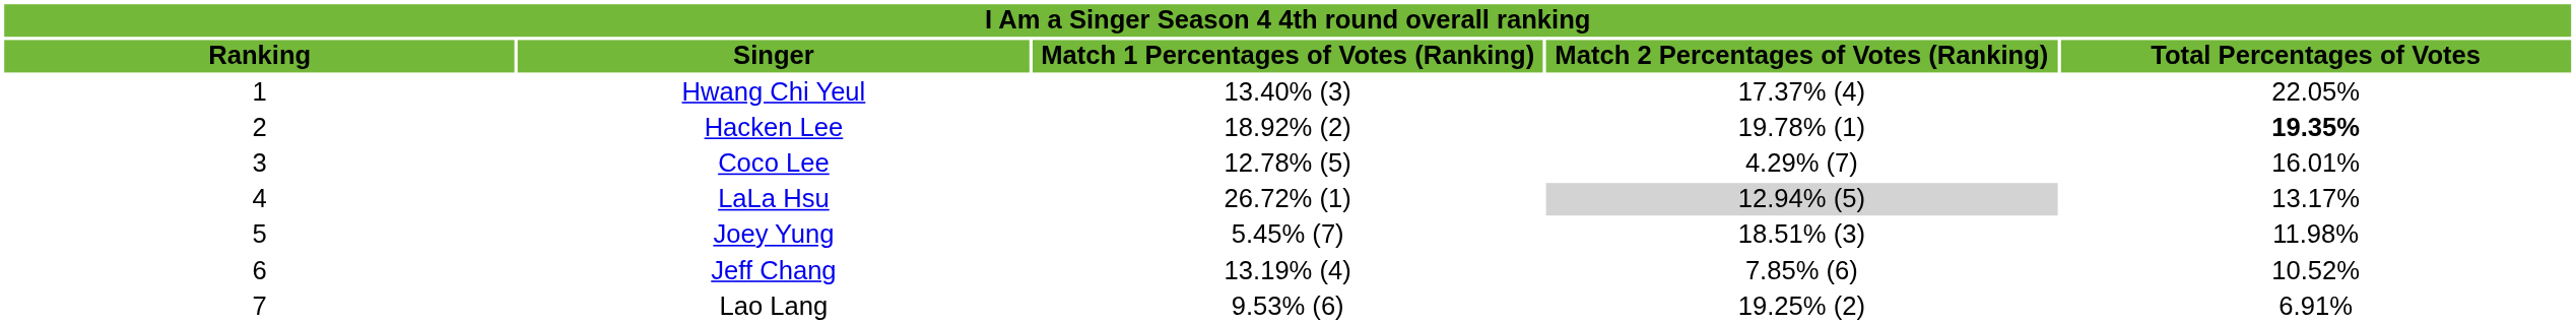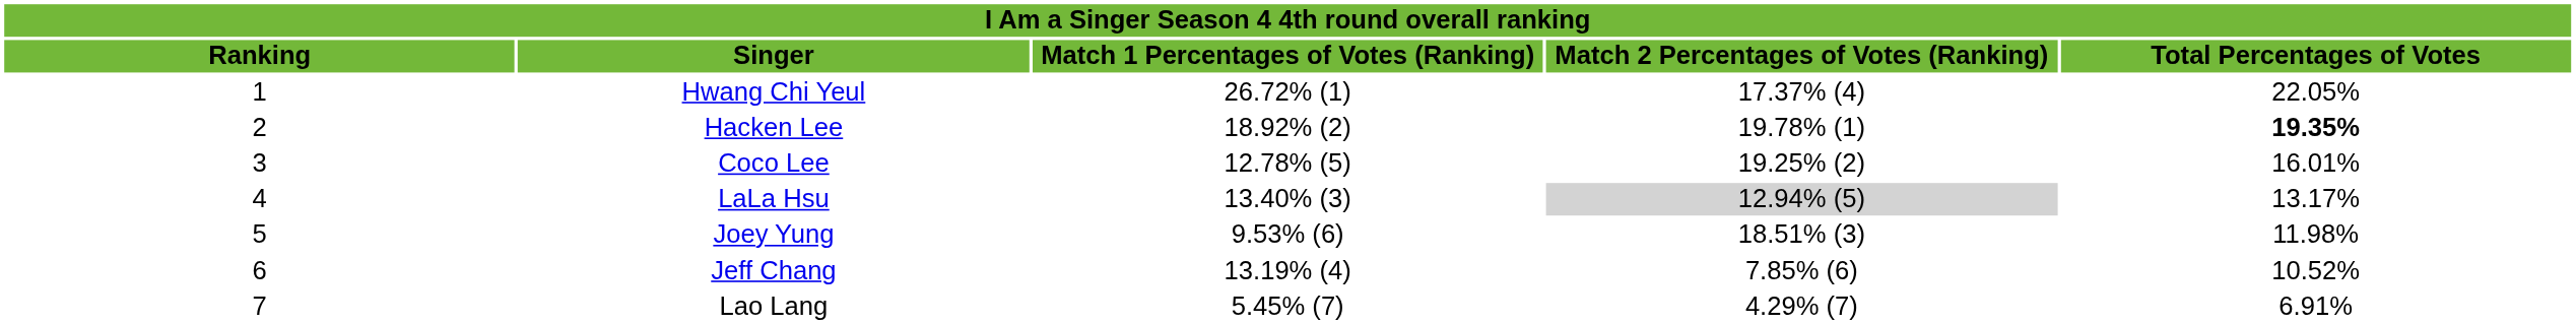 <table class="wikitalble" width="100%" style="text-align:center">
 <tr align=center style="background:#73B839">
 <td colspan="5"><div><strong>I Am a Singer Season 4 4th round overall ranking</strong></div></td>
 </tr>
 <tr align=center style="background:#73B839">
 <td style="width:20%"><strong>Ranking</strong></td>
 <td style="width:20%"><strong>Singer</strong></td>
 <td style="width:20%"><strong>Match 1 Percentages of Votes (Ranking)</strong></td>
 <td style="width:20%"><strong>Match 2 Percentages of Votes (Ranking)</strong></td>
 <td style="width:20%"><strong>Total Percentages of Votes</strong></td>
 </tr>
 <tr>
 <td>1</td>
 <td><a href='#'>Hwang Chi Yeul</a></td>
-<td>13.40% (3)</td>
+<td>26.72% (1)</td>
 <td>17.37% (4)</td>
 <td>22.05%</td>
 </tr>
 <tr>
 <td>2</td>
 <td><a href='#'>Hacken Lee</a></td>
 <td>18.92% (2)</td>
 <td>19.78% (1)</td>
 <td><strong>19.35%</strong></td>
 </tr>
 <tr>
 <td>3</td>
 <td><a href='#'>Coco Lee</a></td>
 <td>12.78% (5) </td>
-<td>4.29% (7)</td>
+<td>19.25% (2)</td>
 <td>16.01%</td>
 </tr>
 <tr>
 <td>4</td>
 <td><a href='#'>LaLa Hsu</a></td>
-<td>26.72% (1)</td>
+<td>13.40% (3)</td>
 <td style="background: lightgrey;">12.94% (5)</td>
 <td>13.17%</td>
 </tr>
 <tr>
 <td>5</td>
 <td><a href='#'>Joey Yung</a></td>
-<td>5.45% (7)</td>
+<td>9.53% (6)</td>
 <td>18.51% (3)</td>
 <td>11.98%</td>
 </tr>
 <tr>
 <td>6</td>
 <td><a href='#'>Jeff Chang</a></td>
 <td>13.19% (4) </td>
 <td>7.85% (6)</td>
 <td>10.52%</td>
 </tr>
 <tr>
 <td>7</td>
 <td>Lao Lang</td>
-<td>9.53% (6)</td>
-<td>19.25% (2)</td>
+<td>5.45% (7)</td>
+<td>4.29% (7)</td>
 <td>6.91%</td>
 </tr>
 </table>
